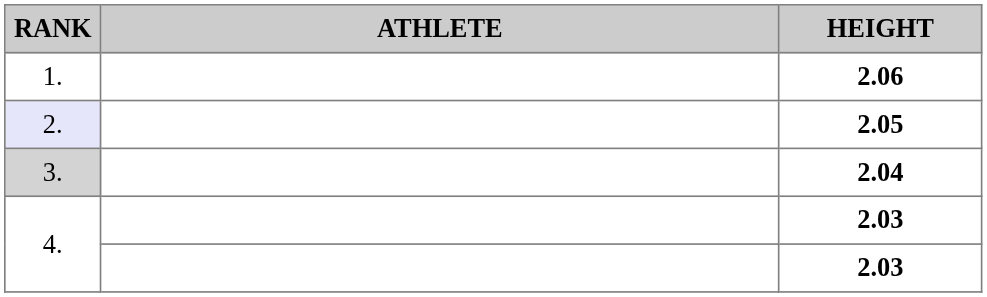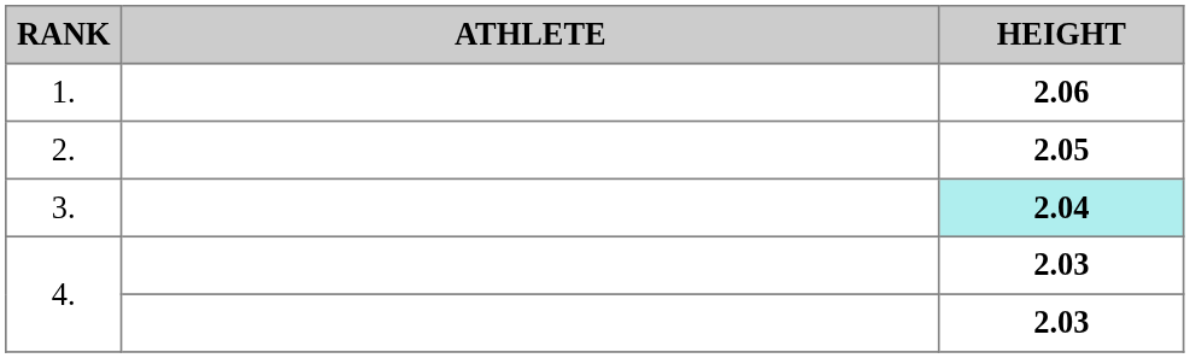 <table border="1" cellspacing="2" cellpadding="5" style="border-collapse: collapse; font-size: 100%;">
 <tr bgcolor="cccccc">
 <th>RANK</th>
 <th align="center" style="width: 25em">ATHLETE</th>
 <th align="center" style="width: 7em">HEIGHT</th>
 </tr>
 <tr>
 <td align="center">1.</td>
 <td></td>
 <td align="center"><strong>2.06</strong></td>
 </tr>
 <tr>
-<td align="center" style="background: lavender;">2.</td>
+<td align="center">2.</td>
 <td></td>
 <td align="center"><strong>2.05</strong></td>
 </tr>
 <tr>
-<td align="center" style="background: lightgrey;">3.</td>
+<td align="center">3.</td>
 <td></td>
-<td align="center"><strong>2.04</strong></td>
+<td align="center" style="background: paleturquoise;"><strong>2.04</strong></td>
 </tr>
 <tr>
 <td rowspan=2 align="center">4.</td>
 <td></td>
 <td align="center"><strong>2.03</strong></td>
 </tr>
 <tr>
 <td></td>
 <td align="center"><strong>2.03</strong></td>
 </tr>
 </table>
